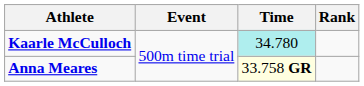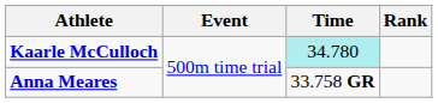 <table class=wikitable style="font-size:90%">
 <tr>
 <th>Athlete</th>
 <th>Event</th>
 <th>Time</th>
 <th>Rank</th>
 </tr>
 <tr align=center>
 <td align=left><strong><a href='#'>Kaarle McCulloch</a></strong></td>
 <td align=left rowspan=2><a href='#'>500m time trial</a></td>
 <td style="background: paleturquoise;">34.780</td>
 <td></td>
 </tr>
 <tr align=center>
 <td align=left><strong><a href='#'>Anna Meares</a></strong></td>
-<td style="background: lightyellow;">33.758 <strong>GR</strong></td>
+<td>33.758 <strong>GR</strong></td>
 <td></td>
 </tr>
 </table>
